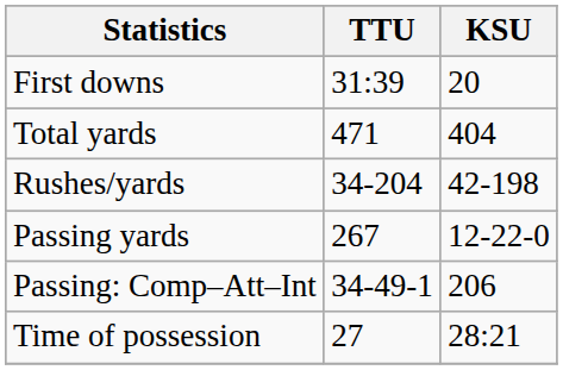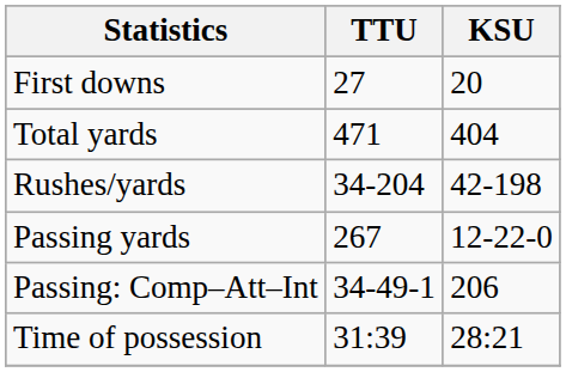 <table class="wikitable" style="float: left;">
 <tr>
 <th>Statistics</th>
 <th>TTU</th>
 <th>KSU</th>
 </tr>
 <tr>
 <td>First downs</td>
-<td>31:39</td>
+<td>27</td>
 <td>20</td>
 </tr>
 <tr>
 <td>Total yards</td>
 <td>471</td>
 <td>404</td>
 </tr>
 <tr>
 <td>Rushes/yards</td>
 <td>34-204</td>
 <td>42-198</td>
 </tr>
 <tr>
 <td>Passing yards</td>
 <td>267</td>
 <td>12-22-0</td>
 </tr>
 <tr>
 <td>Passing: Comp–Att–Int</td>
 <td>34-49-1</td>
 <td>206</td>
 </tr>
 <tr>
 <td>Time of possession</td>
-<td>27</td>
+<td>31:39</td>
 <td>28:21</td>
 </tr>
 <tr>
 </tr>
 </table>
